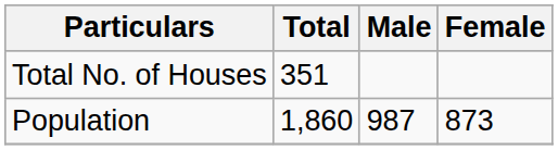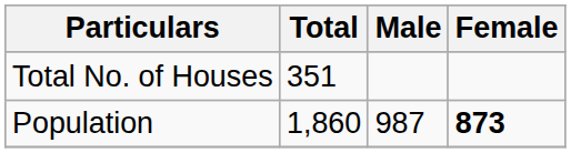 <table class="wikitable sortable">
 <tr>
 <th>Particulars</th>
 <th>Total</th>
 <th>Male</th>
 <th>Female</th>
 </tr>
 <tr>
 <td>Total No. of Houses</td>
 <td>351</td>
 <td></td>
 <td></td>
 </tr>
 <tr>
 <td>Population</td>
 <td>1,860</td>
 <td>987</td>
-<td>873</td>
+<td><strong>873</strong></td>
 </tr>
 <tr>
 </tr>
 </table>
